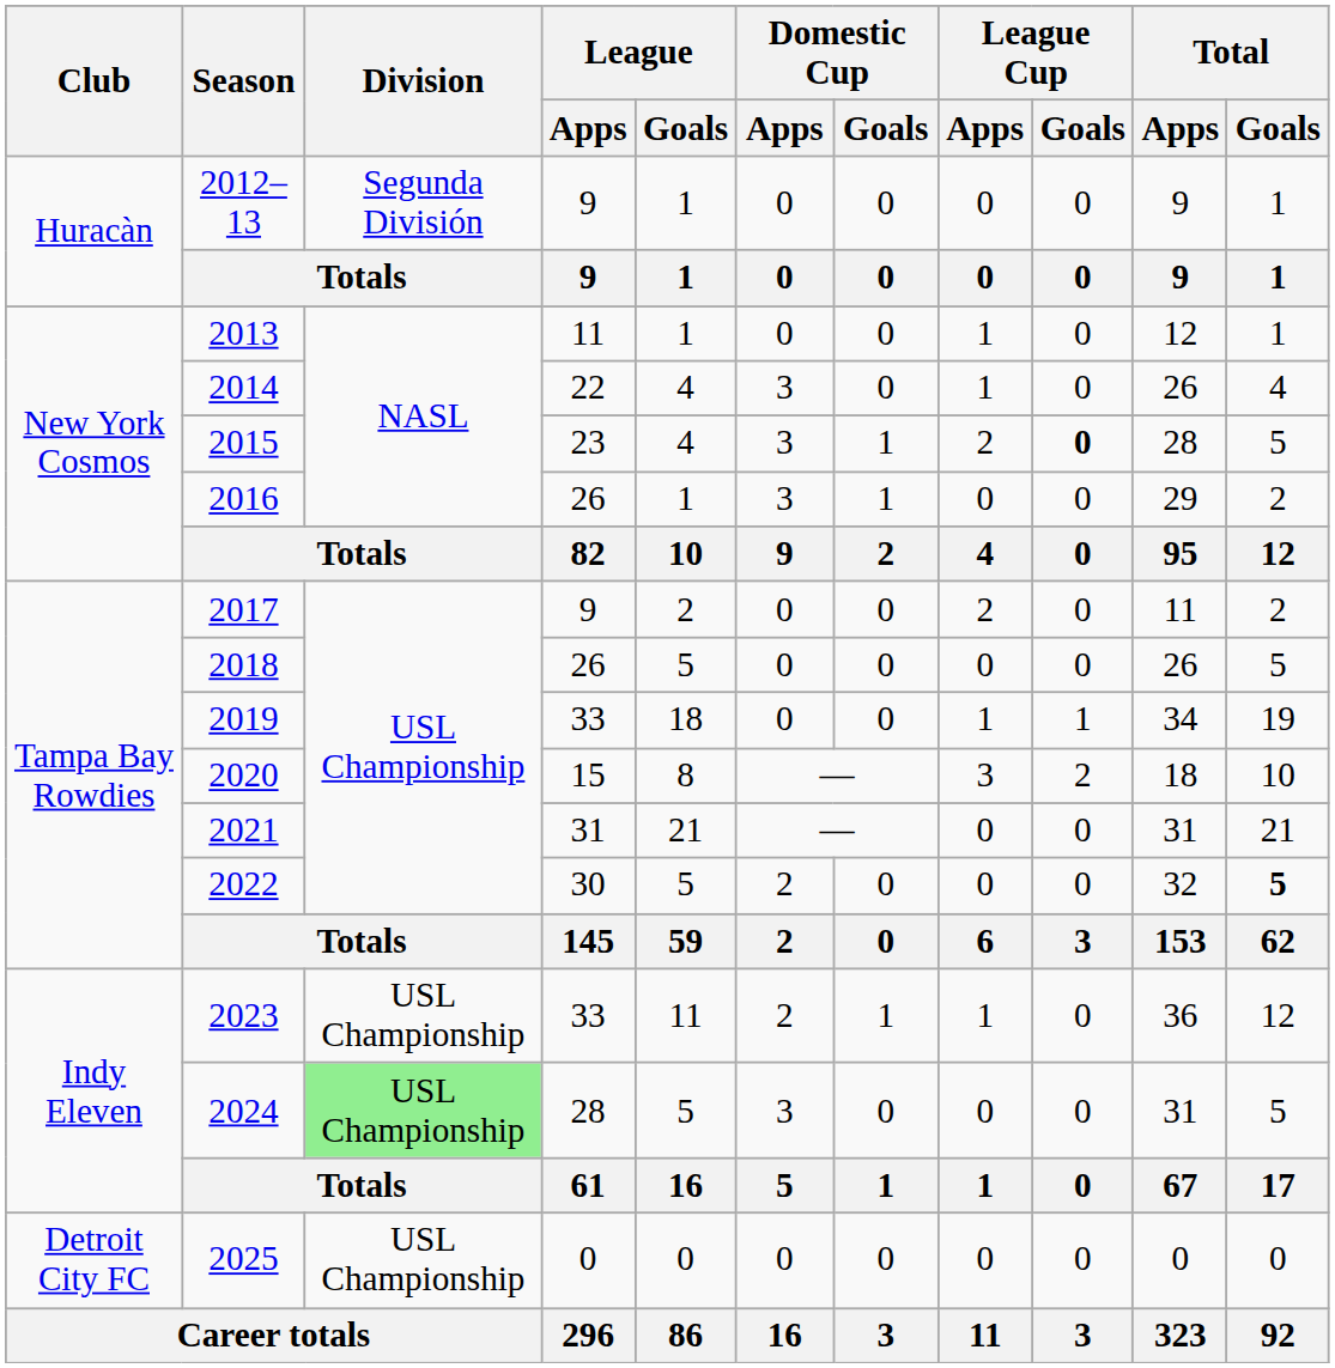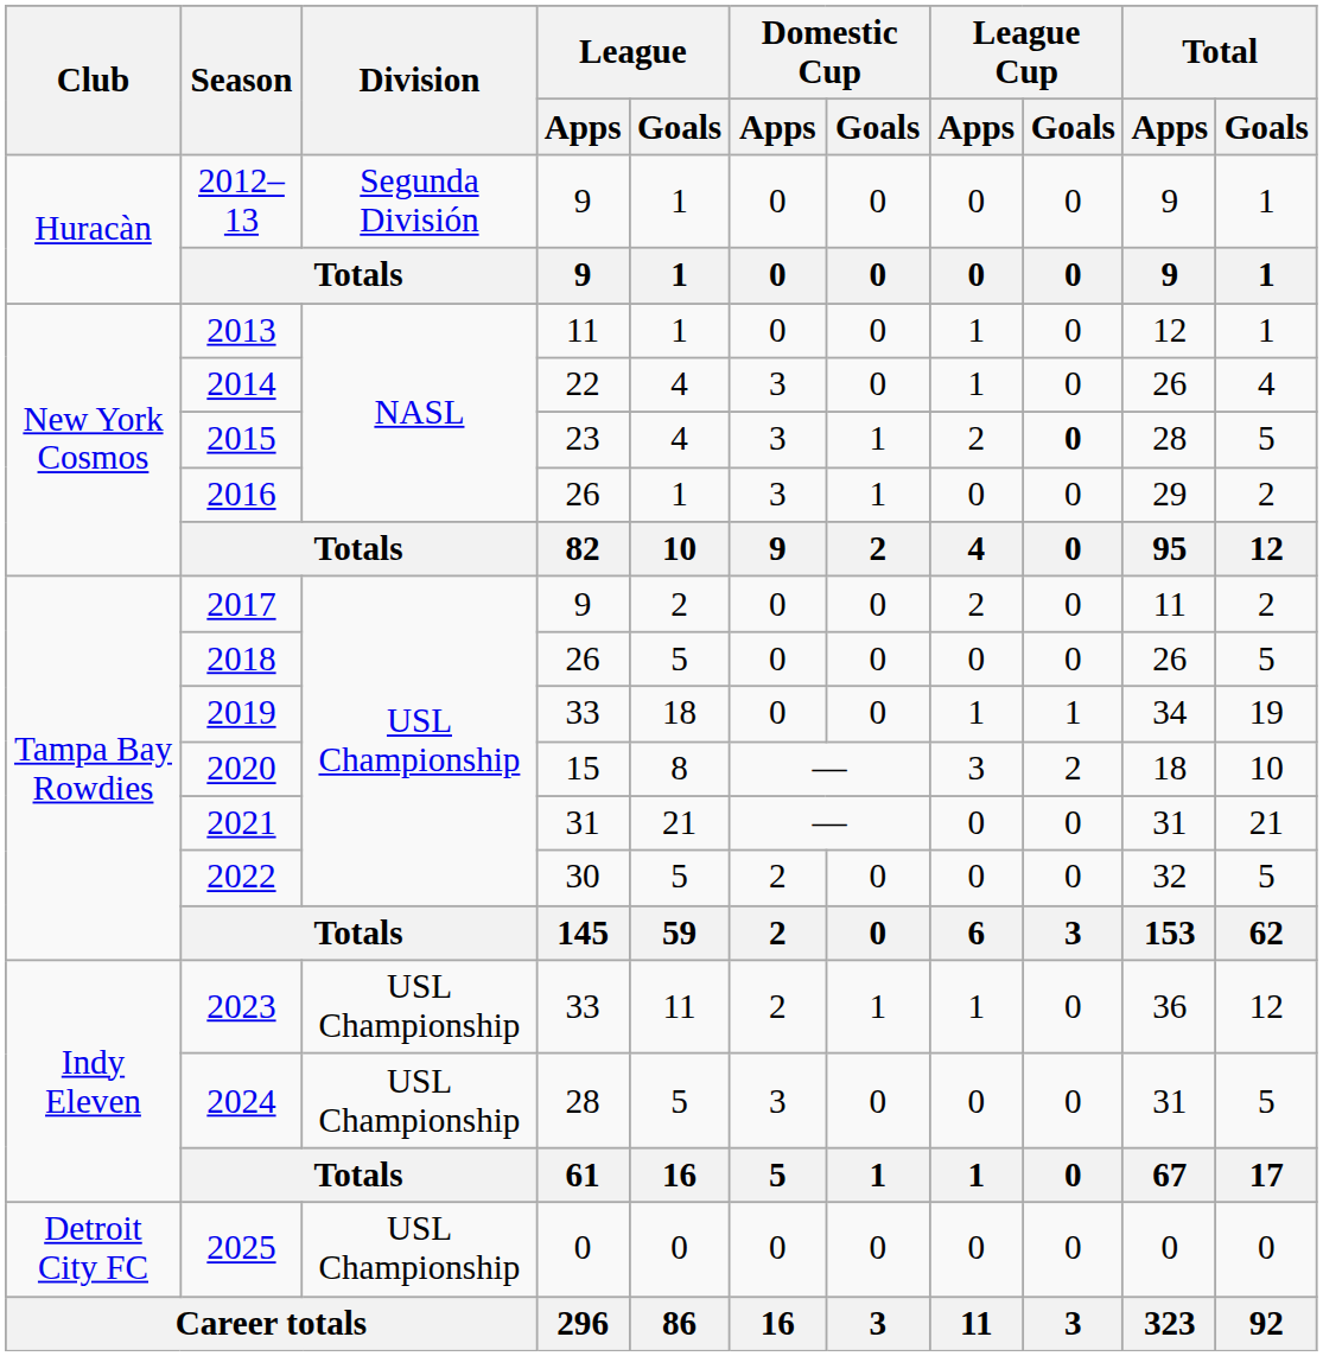 <table class="wikitable" style="text-align: center;">
 <tr>
 <th rowspan="2">Club</th>
 <th rowspan="2">Season</th>
 <th rowspan="2">Division</th>
 <th colspan="2">League</th>
 <th colspan="2">Domestic Cup</th>
 <th colspan="2">League Cup</th>
 <th colspan="2">Total</th>
 </tr>
 <tr>
 <th>Apps</th>
 <th>Goals</th>
 <th>Apps</th>
 <th>Goals</th>
 <th>Apps</th>
 <th>Goals</th>
 <th>Apps</th>
 <th>Goals</th>
 </tr>
 <tr>
 <td rowspan="2"><a href='#'>Huracàn</a></td>
 <td><a href='#'>2012–13</a></td>
 <td><a href='#'>Segunda División</a></td>
 <td>9</td>
 <td>1</td>
 <td>0</td>
 <td>0</td>
 <td>0</td>
 <td>0</td>
 <td>9</td>
 <td>1</td>
 </tr>
 <tr>
 <th colspan="2">Totals</th>
 <th>9</th>
 <th>1</th>
 <th>0</th>
 <th>0</th>
 <th>0</th>
 <th>0</th>
 <th>9</th>
 <th>1</th>
 </tr>
 <tr>
 <td rowspan="5"><a href='#'>New York Cosmos</a></td>
 <td><a href='#'>2013</a></td>
 <td rowspan="4"><a href='#'>NASL</a></td>
 <td>11</td>
 <td>1</td>
 <td>0</td>
 <td>0</td>
 <td>1</td>
 <td>0</td>
 <td>12</td>
 <td>1</td>
 </tr>
 <tr>
 <td><a href='#'>2014</a></td>
 <td>22</td>
 <td>4</td>
 <td>3</td>
 <td>0</td>
 <td>1</td>
 <td>0</td>
 <td>26</td>
 <td>4</td>
 </tr>
 <tr>
 <td><a href='#'>2015</a></td>
 <td>23</td>
 <td>4</td>
 <td>3</td>
 <td>1</td>
 <td>2</td>
 <td><strong>0</strong></td>
 <td>28</td>
 <td>5</td>
 </tr>
 <tr>
 <td><a href='#'>2016</a></td>
 <td>26</td>
 <td>1</td>
 <td>3</td>
 <td>1</td>
 <td>0</td>
 <td>0</td>
 <td>29</td>
 <td>2</td>
 </tr>
 <tr>
 <th colspan="2">Totals</th>
 <th>82</th>
 <th>10</th>
 <th>9</th>
 <th>2</th>
 <th>4</th>
 <th>0</th>
 <th>95</th>
 <th>12</th>
 </tr>
 <tr>
 <td rowspan="7"><a href='#'>Tampa Bay Rowdies</a></td>
 <td><a href='#'>2017</a></td>
 <td rowspan="6"><a href='#'>USL Championship</a></td>
 <td>9</td>
 <td>2</td>
 <td>0</td>
 <td>0</td>
 <td>2</td>
 <td>0</td>
 <td>11</td>
 <td>2</td>
 </tr>
 <tr>
 <td><a href='#'>2018</a></td>
 <td>26</td>
 <td>5</td>
 <td>0</td>
 <td>0</td>
 <td>0</td>
 <td>0</td>
 <td>26</td>
 <td>5</td>
 </tr>
 <tr>
 <td><a href='#'>2019</a></td>
 <td>33</td>
 <td>18</td>
 <td>0</td>
 <td>0</td>
 <td>1</td>
 <td>1</td>
 <td>34</td>
 <td>19</td>
 </tr>
 <tr>
 <td><a href='#'>2020</a></td>
 <td>15</td>
 <td>8</td>
 <td colspan="2">—</td>
 <td>3</td>
 <td>2</td>
 <td>18</td>
 <td>10</td>
 </tr>
 <tr>
 <td><a href='#'>2021</a></td>
 <td>31</td>
 <td>21</td>
 <td colspan="2">—</td>
 <td>0</td>
 <td>0</td>
 <td>31</td>
 <td>21</td>
 </tr>
 <tr>
 <td><a href='#'>2022</a></td>
 <td>30</td>
 <td>5</td>
 <td>2</td>
 <td>0</td>
 <td>0</td>
 <td>0</td>
 <td>32</td>
-<td><strong>5</strong></td>
+<td>5</td>
 </tr>
 <tr>
 <th colspan="2">Totals</th>
 <th>145</th>
 <th>59</th>
 <th>2</th>
 <th>0</th>
 <th>6</th>
 <th>3</th>
 <th>153</th>
 <th>62</th>
 </tr>
 <tr>
 <td rowspan="3"><a href='#'>Indy Eleven</a></td>
 <td><a href='#'>2023</a></td>
 <td>USL Championship</td>
 <td>33</td>
 <td>11</td>
 <td>2</td>
 <td>1</td>
 <td>1</td>
 <td>0</td>
 <td>36</td>
 <td>12</td>
 </tr>
 <tr>
 <td><a href='#'>2024</a></td>
-<td style="background: lightgreen;">USL Championship</td>
+<td>USL Championship</td>
 <td>28</td>
 <td>5</td>
 <td>3</td>
 <td>0</td>
 <td>0</td>
 <td>0</td>
 <td>31</td>
 <td>5</td>
 </tr>
 <tr>
 <th colspan="2">Totals</th>
 <th>61</th>
 <th>16</th>
 <th>5</th>
 <th>1</th>
 <th>1</th>
 <th>0</th>
 <th>67</th>
 <th>17</th>
 </tr>
 <tr>
 <td><a href='#'>Detroit City FC</a></td>
 <td><a href='#'>2025</a></td>
 <td>USL Championship</td>
 <td>0</td>
 <td>0</td>
 <td>0</td>
 <td>0</td>
 <td>0</td>
 <td>0</td>
 <td>0</td>
 <td>0</td>
 </tr>
 <tr>
 <th colspan="3">Career totals</th>
 <th>296</th>
 <th>86</th>
 <th>16</th>
 <th>3</th>
 <th>11</th>
 <th>3</th>
 <th>323</th>
 <th>92</th>
 </tr>
 </table>
